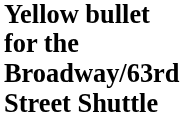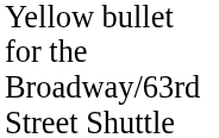 <table style="width:90px;">
 <tr>
 <td></td>
 </tr>
 <tr>
-<td><strong><div>Yellow bullet for the Broadway/63rd Street Shuttle</div></strong></td>
+<td><div>Yellow bullet for the Broadway/63rd Street Shuttle</div></td>
 </tr>
 </table>
